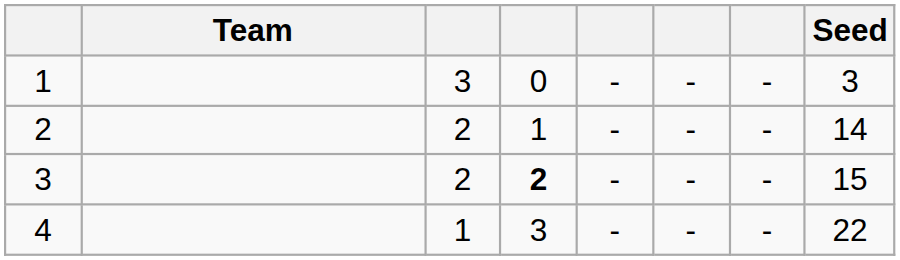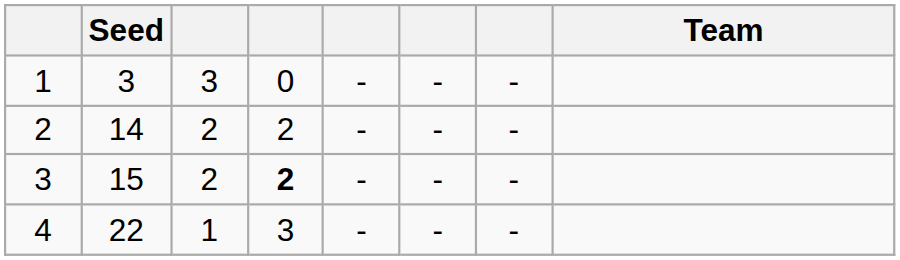 <table class="wikitable" style="text-align:center;font-size: 90%;">
 <tr>
 <th width="28px"></th>
-<th width="150px">Team</th>
+<th width="28px">Seed</th>
 <th width="28px"></th>
 <th width="28px"></th>
 <th width="28px"></th>
 <th width="28px"></th>
 <th width="28px"></th>
-<th width="28px">Seed</th>
+<th width="150px">Team</th>
 </tr>
 <tr>
 <td>1</td>
-<td style="text-align:left;"></td>
+<td>3</td>
 <td>3</td>
 <td>0</td>
 <td>-</td>
 <td>-</td>
 <td>-</td>
-<td>3</td>
+<td style="text-align:left;"></td>
 </tr>
 <tr>
 <td>2</td>
-<td style="text-align:left;"></td>
+<td>14</td>
 <td>2</td>
-<td>1</td>
+<td>2</td>
 <td>-</td>
 <td>-</td>
 <td>-</td>
-<td>14</td>
+<td style="text-align:left;"></td>
 </tr>
 <tr>
 <td>3</td>
-<td style="text-align:left;"></td>
+<td>15</td>
 <td>2</td>
 <td><strong>2</strong></td>
 <td>-</td>
 <td>-</td>
 <td>-</td>
-<td>15</td>
+<td style="text-align:left;"></td>
 </tr>
 <tr>
 <td>4</td>
-<td style="text-align:left;"></td>
+<td>22</td>
 <td>1</td>
 <td>3</td>
 <td>-</td>
 <td>-</td>
 <td>-</td>
-<td>22</td>
+<td style="text-align:left;"></td>
 </tr>
 </table>
